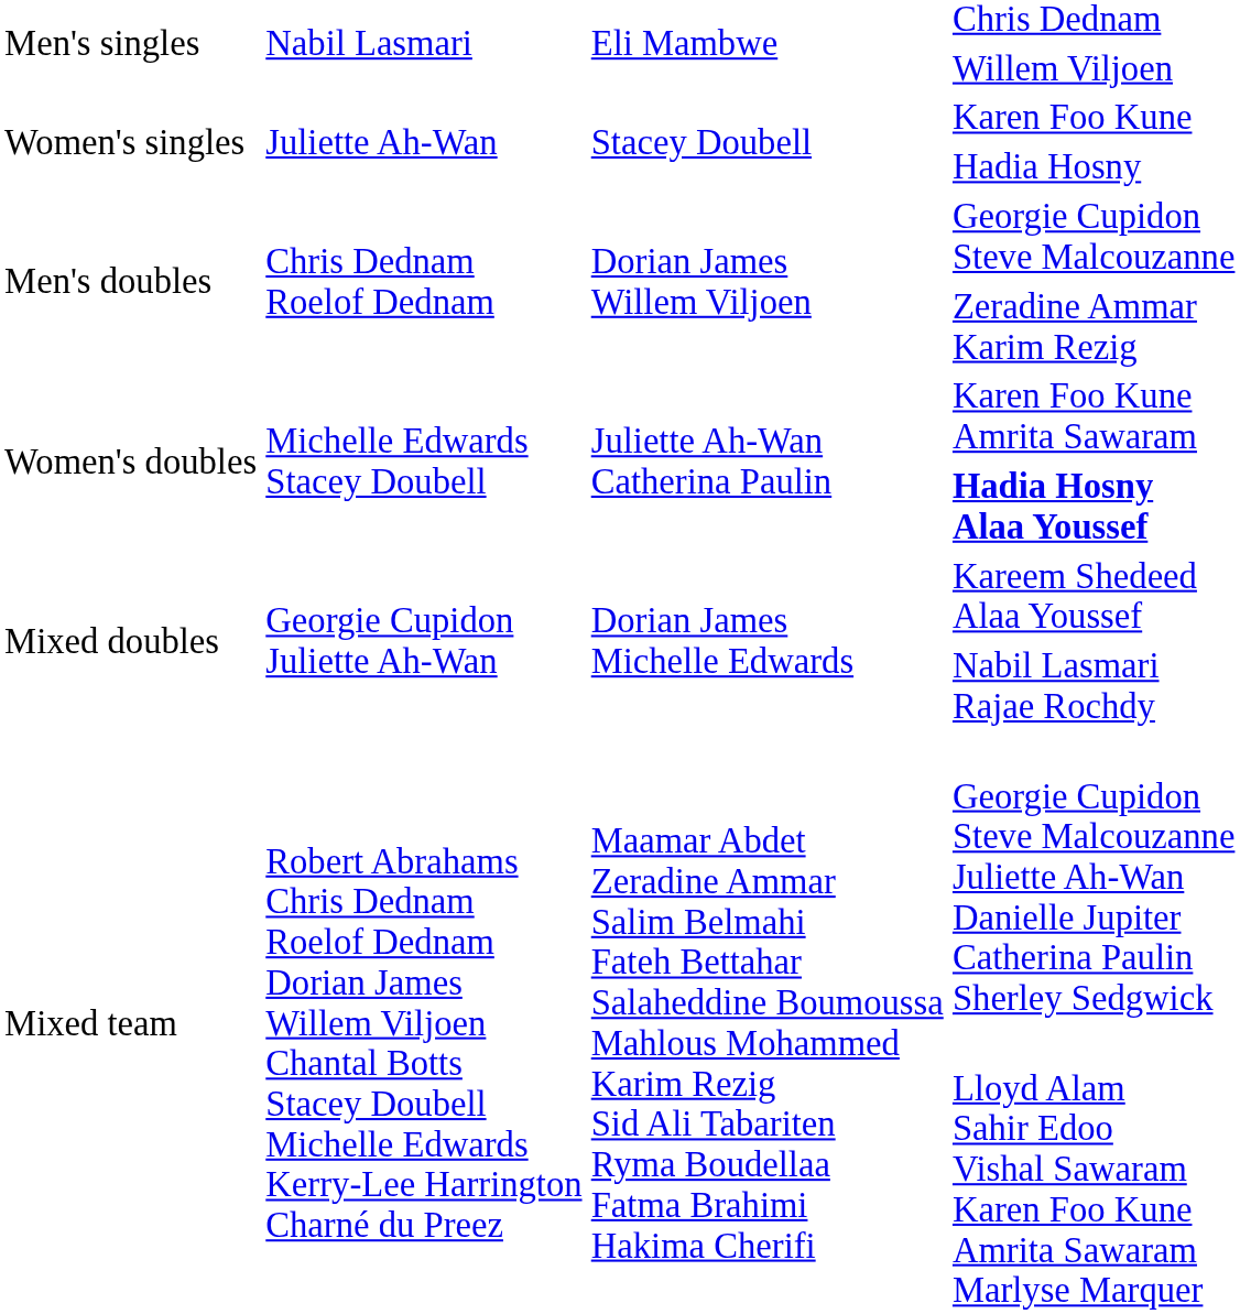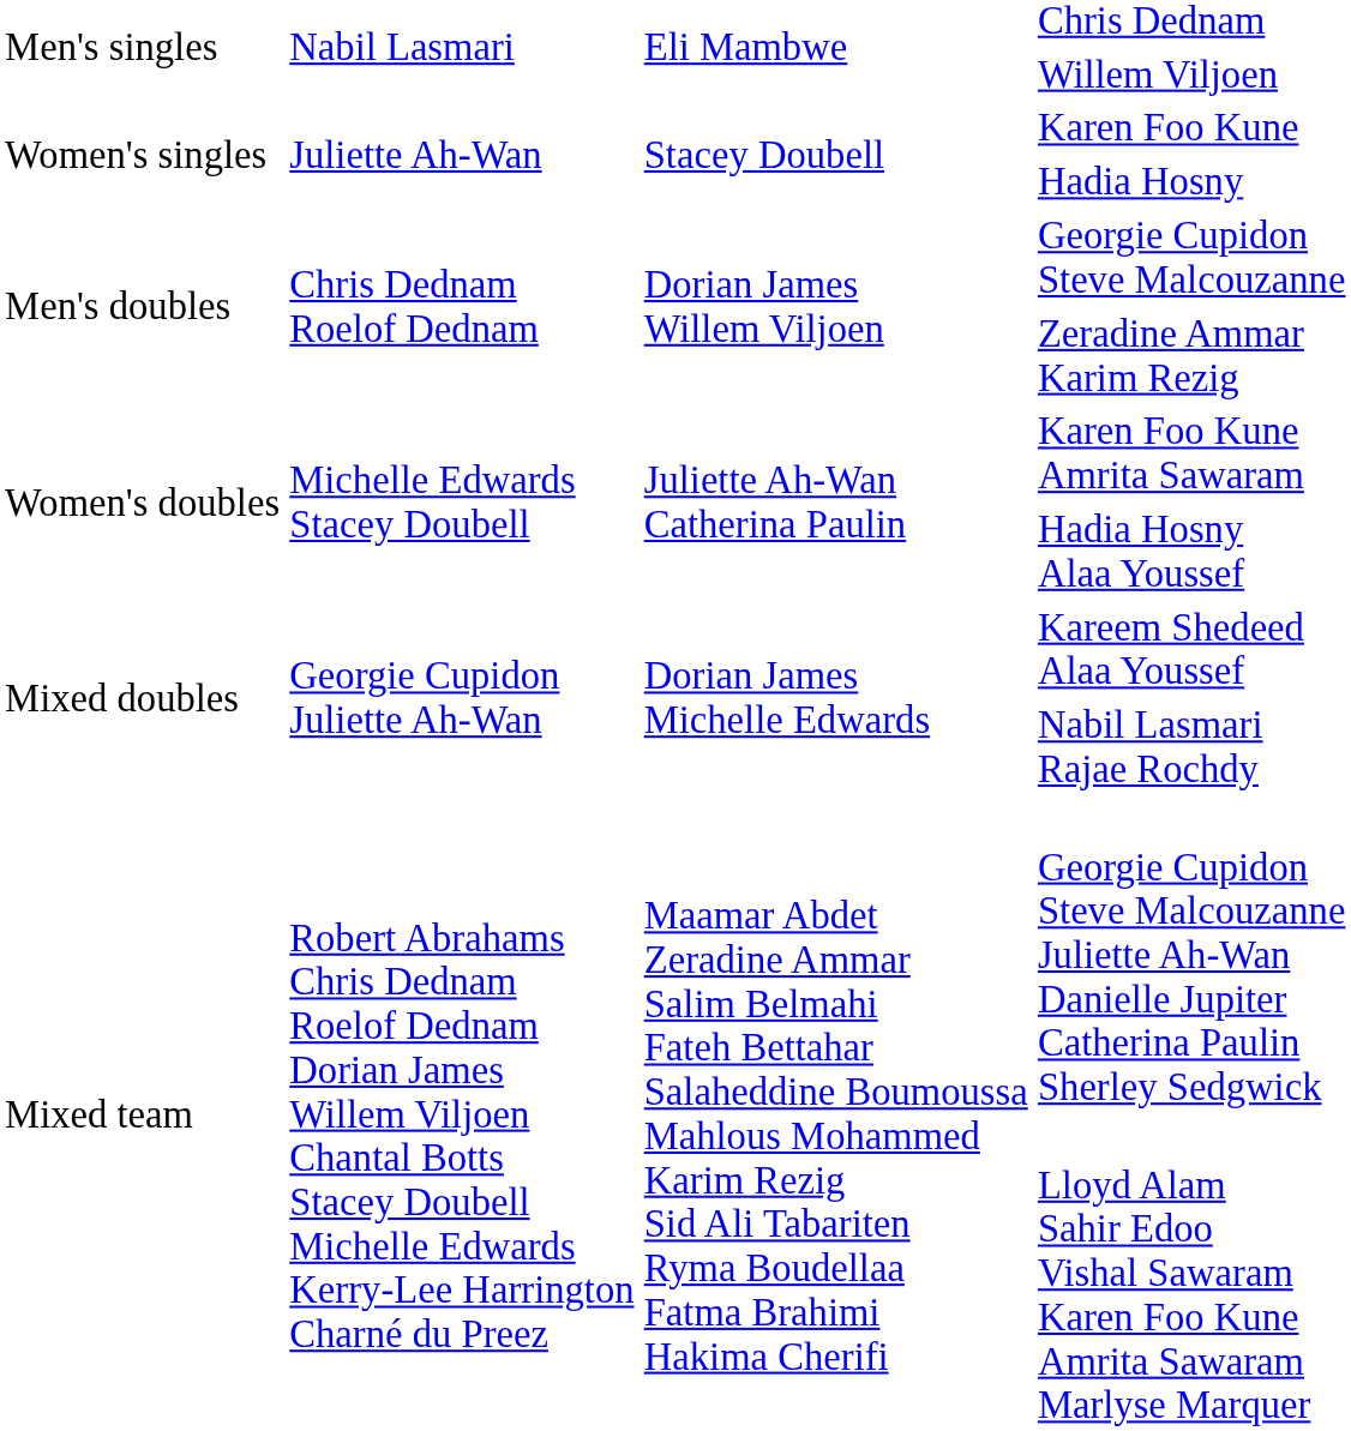 <table>
 <tr>
 <td rowspan=2>Men's singles</td>
 <td rowspan=2> <a href='#'>Nabil Lasmari</a></td>
 <td rowspan=2> <a href='#'>Eli Mambwe</a></td>
 <td> <a href='#'>Chris Dednam</a></td>
 </tr>
 <tr>
 <td> <a href='#'>Willem Viljoen</a></td>
 </tr>
 <tr>
 <td rowspan=2>Women's singles</td>
 <td rowspan=2> <a href='#'>Juliette Ah-Wan</a></td>
 <td rowspan=2> <a href='#'>Stacey Doubell</a></td>
 <td> <a href='#'>Karen Foo Kune</a></td>
 </tr>
 <tr>
 <td> <a href='#'>Hadia Hosny</a></td>
 </tr>
 <tr>
 <td rowspan=2>Men's doubles</td>
 <td rowspan=2> <a href='#'>Chris Dednam</a> <br> <a href='#'>Roelof Dednam</a></td>
 <td rowspan=2> <a href='#'>Dorian James</a> <br> <a href='#'>Willem Viljoen</a></td>
 <td> <a href='#'>Georgie Cupidon</a> <br> <a href='#'>Steve Malcouzanne</a></td>
 </tr>
 <tr>
 <td> <a href='#'>Zeradine Ammar</a> <br> <a href='#'>Karim Rezig</a></td>
 </tr>
 <tr>
 <td rowspan=2>Women's doubles</td>
 <td rowspan=2> <a href='#'>Michelle Edwards</a> <br> <a href='#'>Stacey Doubell</a></td>
 <td rowspan=2> <a href='#'>Juliette Ah-Wan</a> <br> <a href='#'>Catherina Paulin</a></td>
 <td> <a href='#'>Karen Foo Kune</a> <br> <a href='#'>Amrita Sawaram</a></td>
 </tr>
 <tr>
-<td><strong> <a href='#'>Hadia Hosny</a> <br> <a href='#'>Alaa Youssef</a></strong></td>
+<td> <a href='#'>Hadia Hosny</a> <br> <a href='#'>Alaa Youssef</a></td>
 </tr>
 <tr>
 <td rowspan=2>Mixed doubles</td>
 <td rowspan=2> <a href='#'>Georgie Cupidon</a> <br> <a href='#'>Juliette Ah-Wan</a></td>
 <td rowspan=2> <a href='#'>Dorian James</a> <br> <a href='#'>Michelle Edwards</a></td>
 <td> <a href='#'>Kareem Shedeed</a> <br> <a href='#'>Alaa Youssef</a></td>
 </tr>
 <tr>
 <td> <a href='#'>Nabil Lasmari</a> <br> <a href='#'>Rajae Rochdy</a></td>
 </tr>
 <tr>
 <td rowspan=2>Mixed team</td>
 <td rowspan=2><br><a href='#'>Robert Abrahams</a><br><a href='#'>Chris Dednam</a><br><a href='#'>Roelof Dednam</a><br><a href='#'>Dorian James</a><br><a href='#'>Willem Viljoen</a><br><a href='#'>Chantal Botts</a><br><a href='#'>Stacey Doubell</a><br><a href='#'>Michelle Edwards</a><br><a href='#'>Kerry-Lee Harrington</a><br><a href='#'>Charné du Preez</a></td>
 <td rowspan=2><br><a href='#'>Maamar Abdet</a><br><a href='#'>Zeradine Ammar</a><br><a href='#'>Salim Belmahi</a><br><a href='#'>Fateh Bettahar</a><br><a href='#'>Salaheddine Boumoussa</a><br><a href='#'>Mahlous Mohammed</a><br><a href='#'>Karim Rezig</a><br><a href='#'>Sid Ali Tabariten</a><br><a href='#'>Ryma Boudellaa</a><br><a href='#'>Fatma Brahimi</a><br><a href='#'>Hakima Cherifi</a></td>
 <td><br><a href='#'>Georgie Cupidon</a><br><a href='#'>Steve Malcouzanne</a><br><a href='#'>Juliette Ah-Wan</a><br><a href='#'>Danielle Jupiter</a><br><a href='#'>Catherina Paulin</a><br><a href='#'>Sherley Sedgwick</a></td>
 </tr>
 <tr>
 <td><br><a href='#'>Lloyd Alam</a><br><a href='#'>Sahir Edoo</a><br><a href='#'>Vishal Sawaram</a><br><a href='#'>Karen Foo Kune</a><br><a href='#'>Amrita Sawaram</a><br><a href='#'>Marlyse Marquer</a></td>
 </tr>
 </table>
